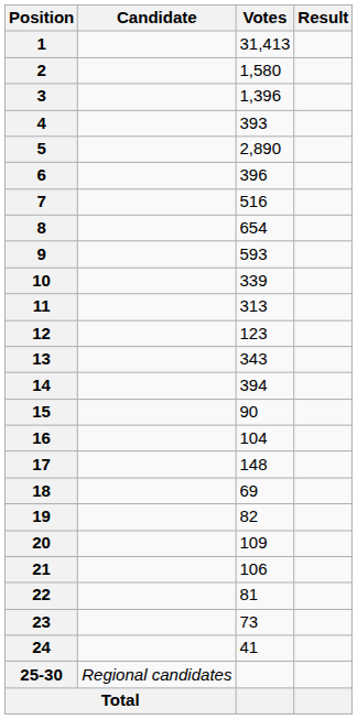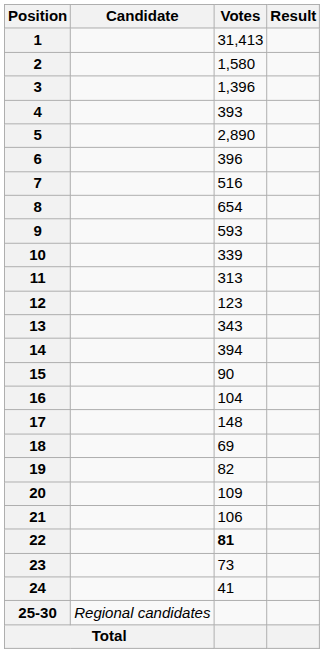 <table class="wikitable sortable col3right">
 <tr>
 <th scope="col">Position</th>
 <th scope="col">Candidate</th>
 <th scope="col">Votes</th>
 <th scope="col">Result</th>
 </tr>
 <tr>
 <th scope="row">1</th>
 <td></td>
 <td>31,413</td>
 <td></td>
 </tr>
 <tr>
 <th scope="row">2</th>
 <td></td>
 <td>1,580</td>
 <td></td>
 </tr>
 <tr>
 <th scope="row">3</th>
 <td></td>
 <td>1,396</td>
 <td></td>
 </tr>
 <tr>
 <th scope="row">4</th>
 <td></td>
 <td>393</td>
 <td></td>
 </tr>
 <tr>
 <th scope="row">5</th>
 <td></td>
 <td>2,890</td>
 <td></td>
 </tr>
 <tr>
 <th scope="row">6</th>
 <td></td>
 <td>396</td>
 <td></td>
 </tr>
 <tr>
 <th scope="row">7</th>
 <td></td>
 <td>516</td>
 <td></td>
 </tr>
 <tr>
 <th scope="row">8</th>
 <td></td>
 <td>654</td>
 <td></td>
 </tr>
 <tr>
 <th scope="row">9</th>
 <td></td>
 <td>593</td>
 <td></td>
 </tr>
 <tr>
 <th scope="row">10</th>
 <td></td>
 <td>339</td>
 <td></td>
 </tr>
 <tr>
 <th scope="row">11</th>
 <td></td>
 <td>313</td>
 <td></td>
 </tr>
 <tr>
 <th scope="row">12</th>
 <td></td>
 <td>123</td>
 <td></td>
 </tr>
 <tr>
 <th scope="row">13</th>
 <td></td>
 <td>343</td>
 <td></td>
 </tr>
 <tr>
 <th scope="row">14</th>
 <td></td>
 <td>394</td>
 <td></td>
 </tr>
 <tr>
 <th scope="row">15</th>
 <td></td>
 <td>90</td>
 <td></td>
 </tr>
 <tr>
 <th scope="row">16</th>
 <td></td>
 <td>104</td>
 <td></td>
 </tr>
 <tr>
 <th scope="row">17</th>
 <td></td>
 <td>148</td>
 <td></td>
 </tr>
 <tr>
 <th scope="row">18</th>
 <td></td>
 <td>69</td>
 <td></td>
 </tr>
 <tr>
 <th scope="row">19</th>
 <td></td>
 <td>82</td>
 <td></td>
 </tr>
 <tr>
 <th scope="row">20</th>
 <td></td>
 <td>109</td>
 <td></td>
 </tr>
 <tr>
 <th scope="row">21</th>
 <td></td>
 <td>106</td>
 <td></td>
 </tr>
 <tr>
 <th scope="row">22</th>
 <td></td>
-<td>81</td>
+<td><strong>81</strong></td>
 <td></td>
 </tr>
 <tr>
 <th scope="row">23</th>
 <td></td>
 <td>73</td>
 <td></td>
 </tr>
 <tr>
 <th scope="row">24</th>
 <td></td>
 <td>41</td>
 <td></td>
 </tr>
 <tr>
 <th scope="row">25-30</th>
 <td><em>Regional candidates</em></td>
 <td></td>
 <td></td>
 </tr>
 <tr class="sortbottom">
 <th scope="row" colspan="2">Total</th>
 <th></th>
 <th></th>
 </tr>
 </table>
